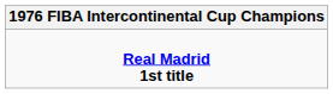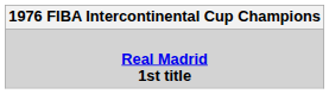 <table class=wikitable style="text-align:center; margin:auto">
 <tr>
 <th>1976 FIBA Intercontinental Cup Champions</th>
 </tr>
 <tr>
-<td><br> <strong><a href='#'>Real Madrid</a></strong> <br> <strong>1st title</strong></td>
+<td style="background: lightgrey;"><br> <strong><a href='#'>Real Madrid</a></strong> <br> <strong>1st title</strong></td>
 </tr>
 </table>
